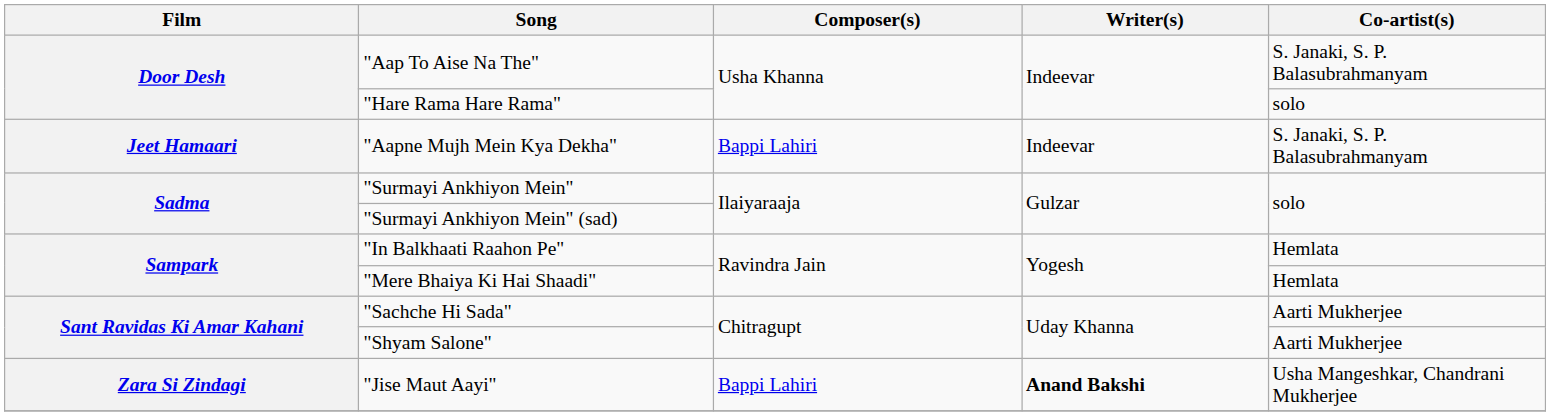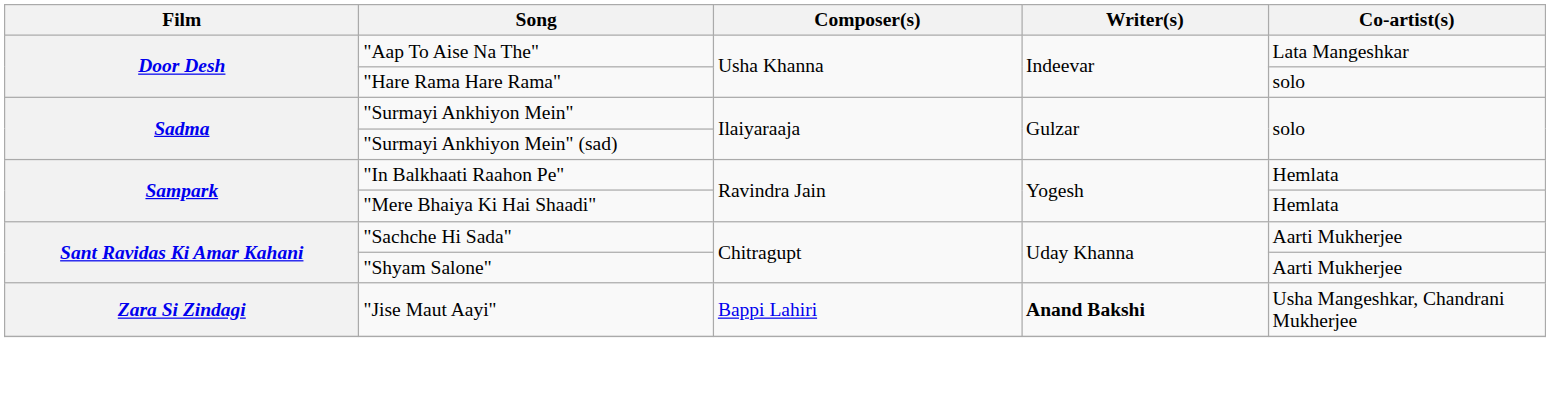 <table class="wikitable plainrowheaders" style="width:100%;" textcolor:#000;">
 <tr style="background:#b0e0e66;">
 <th scope="col" style="width:23%;"><strong>Film</strong></th>
 <th scope="col" style="width:23%;"><strong>Song</strong></th>
 <th scope="col" style="width:20%;"><strong>Composer(s)</strong></th>
 <th scope="col" style="width:16%;"><strong>Writer(s)</strong></th>
 <th scope="col" style="width:18%;"><strong>Co-artist(s)</strong></th>
 </tr>
 <tr>
 <th Rowspan=2><em><a href='#'>Door Desh</a></em></th>
 <td>"Aap To Aise Na The"</td>
 <td rowspan=2>Usha Khanna</td>
 <td rowspan=2>Indeevar</td>
-<td>S. Janaki, S. P. Balasubrahmanyam</td>
+<td>Lata Mangeshkar</td>
 </tr>
 <tr>
 <td>"Hare Rama Hare Rama"</td>
 <td>solo</td>
-</tr>
-<tr>
-<th><em><a href='#'>Jeet Hamaari</a></em></th>
-<td>"Aapne Mujh Mein Kya Dekha"</td>
-<td><a href='#'>Bappi Lahiri</a></td>
-<td>Indeevar</td>
-<td>S. Janaki, S. P. Balasubrahmanyam</td>
 </tr>
 <tr>
 <th Rowspan=2><em><a href='#'>Sadma</a></em></th>
 <td>"Surmayi Ankhiyon Mein"</td>
 <td rowspan=2>Ilaiyaraaja</td>
 <td Rowspan=2>Gulzar</td>
 <td rowspan=2>solo</td>
 </tr>
 <tr>
 <td>"Surmayi Ankhiyon Mein" (sad)</td>
 </tr>
 <tr>
 <th Rowspan=2><em><a href='#'>Sampark</a></em></th>
 <td>"In Balkhaati Raahon Pe"</td>
 <td rowspan=2>Ravindra Jain</td>
 <td Rowspan=2>Yogesh</td>
 <td>Hemlata</td>
 </tr>
 <tr>
 <td>"Mere Bhaiya Ki Hai Shaadi"</td>
 <td>Hemlata</td>
 </tr>
 <tr>
 <th Rowspan=2><em><a href='#'>Sant Ravidas Ki Amar Kahani</a></em></th>
 <td>"Sachche Hi Sada"</td>
 <td rowspan=2>Chitragupt</td>
 <td Rowspan=2>Uday Khanna</td>
 <td>Aarti Mukherjee</td>
 </tr>
 <tr>
 <td>"Shyam Salone"</td>
 <td>Aarti Mukherjee</td>
 </tr>
 <tr>
 <th><em><a href='#'>Zara Si Zindagi</a></em></th>
 <td>"Jise Maut Aayi"</td>
 <td><a href='#'>Bappi Lahiri</a></td>
 <td><strong>Anand Bakshi</strong></td>
 <td>Usha Mangeshkar, Chandrani Mukherjee</td>
 </tr>
 <tr>
 </tr>
 </table>
